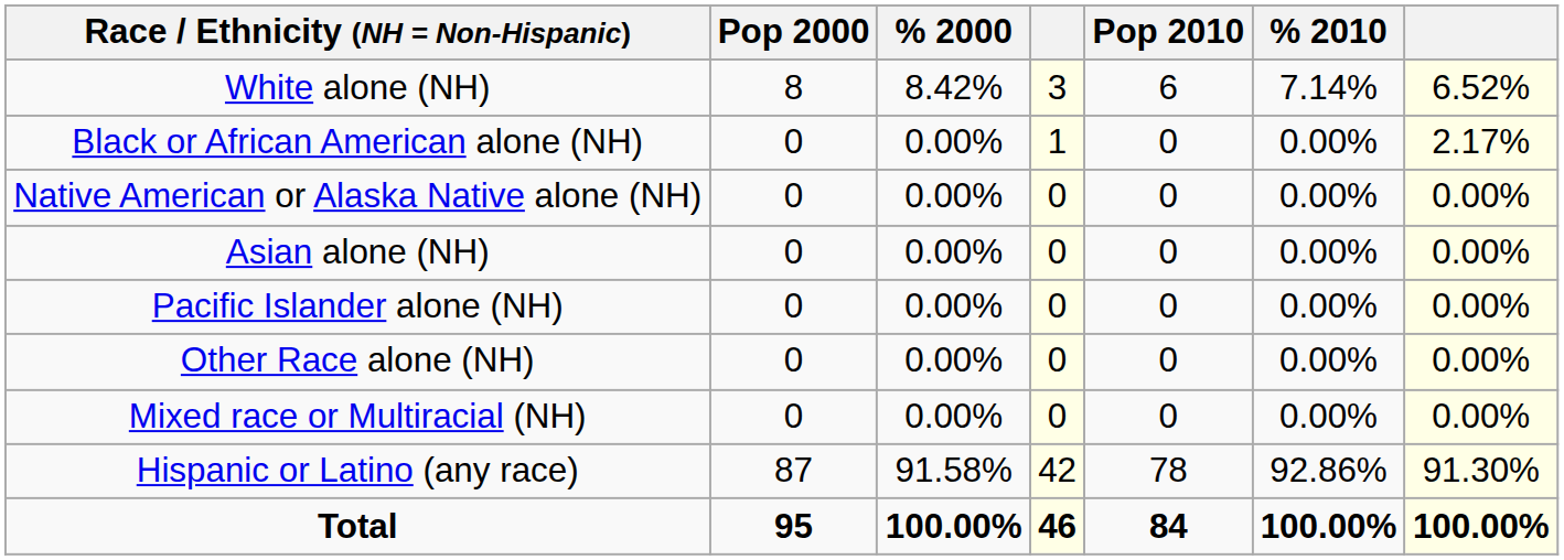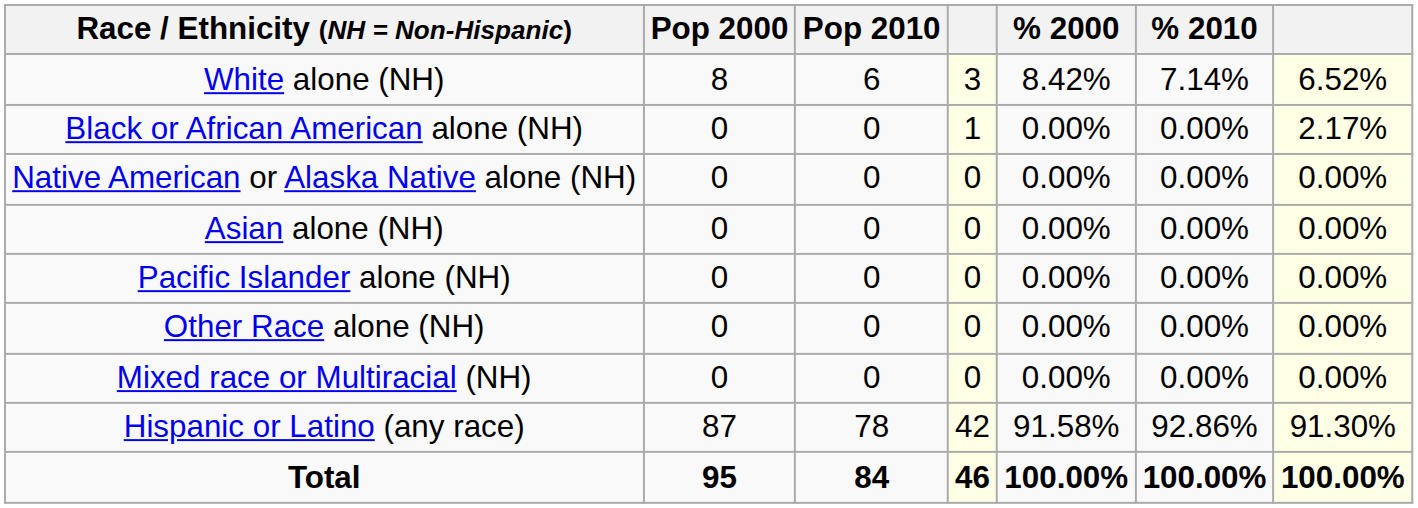 <table class="wikitable" style="text-align:center;">
 <tr>
 <th>Race / Ethnicity <small>(<em>NH = Non-Hispanic</em>)</small></th>
 <th>Pop 2000</th>
+<th>Pop 2010</th>
+<th></th>
 <th>% 2000</th>
-<th></th>
-<th>Pop 2010</th>
 <th>% 2010</th>
 <th></th>
 </tr>
 <tr>
 <td><a href='#'>White</a> alone (NH)</td>
 <td>8</td>
+<td>6</td>
+<td style='background: #ffffe6;'>3</td>
 <td>8.42%</td>
-<td style='background: #ffffe6;'>3</td>
-<td>6</td>
 <td>7.14%</td>
 <td style='background: #ffffe6;'>6.52%</td>
 </tr>
 <tr>
 <td><a href='#'>Black or African American</a> alone (NH)</td>
 <td>0</td>
+<td>0</td>
+<td style='background: #ffffe6;'>1</td>
 <td>0.00%</td>
-<td style='background: #ffffe6;'>1</td>
-<td>0</td>
 <td>0.00%</td>
 <td style='background: #ffffe6;'>2.17%</td>
 </tr>
 <tr>
 <td><a href='#'>Native American</a> or <a href='#'>Alaska Native</a> alone (NH)</td>
 <td>0</td>
+<td>0</td>
+<td style='background: #ffffe6;'>0</td>
 <td>0.00%</td>
-<td style='background: #ffffe6;'>0</td>
-<td>0</td>
 <td>0.00%</td>
 <td style='background: #ffffe6;'>0.00%</td>
 </tr>
 <tr>
 <td><a href='#'>Asian</a> alone (NH)</td>
 <td>0</td>
+<td>0</td>
+<td style='background: #ffffe6;'>0</td>
 <td>0.00%</td>
-<td style='background: #ffffe6;'>0</td>
-<td>0</td>
 <td>0.00%</td>
 <td style='background: #ffffe6;'>0.00%</td>
 </tr>
 <tr>
 <td><a href='#'>Pacific Islander</a> alone (NH)</td>
 <td>0</td>
+<td>0</td>
+<td style='background: #ffffe6;'>0</td>
 <td>0.00%</td>
-<td style='background: #ffffe6;'>0</td>
-<td>0</td>
 <td>0.00%</td>
 <td style='background: #ffffe6;'>0.00%</td>
 </tr>
 <tr>
 <td><a href='#'>Other Race</a> alone (NH)</td>
 <td>0</td>
+<td>0</td>
+<td style='background: #ffffe6;'>0</td>
 <td>0.00%</td>
-<td style='background: #ffffe6;'>0</td>
-<td>0</td>
 <td>0.00%</td>
 <td style='background: #ffffe6;'>0.00%</td>
 </tr>
 <tr>
 <td><a href='#'>Mixed race or Multiracial</a> (NH)</td>
 <td>0</td>
+<td>0</td>
+<td style='background: #ffffe6;'>0</td>
 <td>0.00%</td>
-<td style='background: #ffffe6;'>0</td>
-<td>0</td>
 <td>0.00%</td>
 <td style='background: #ffffe6;'>0.00%</td>
 </tr>
 <tr>
 <td><a href='#'>Hispanic or Latino</a> (any race)</td>
 <td>87</td>
+<td>78</td>
+<td style='background: #ffffe6;'>42</td>
 <td>91.58%</td>
-<td style='background: #ffffe6;'>42</td>
-<td>78</td>
 <td>92.86%</td>
 <td style='background: #ffffe6;'>91.30%</td>
 </tr>
 <tr>
 <td><strong>Total</strong></td>
 <td><strong>95</strong></td>
+<td><strong>84</strong></td>
+<td style='background: #ffffe6;'><strong>46</strong></td>
 <td><strong>100.00%</strong></td>
-<td style='background: #ffffe6;'><strong>46</strong></td>
-<td><strong>84</strong></td>
 <td><strong>100.00%</strong></td>
 <td style='background: #ffffe6;'><strong>100.00%</strong></td>
 </tr>
 </table>
